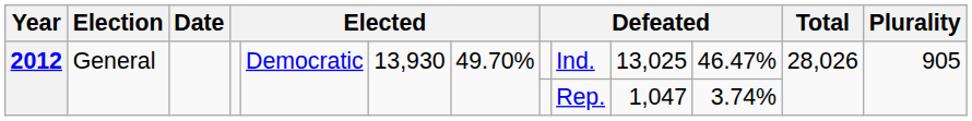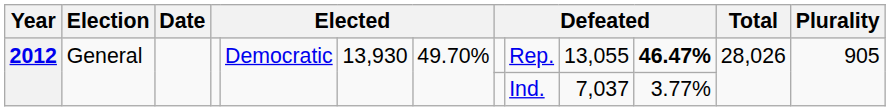 <table class=wikitable>
 <tr>
 <th>Year</th>
 <th>Election</th>
 <th>Date</th>
 <th ! colspan="4">Elected</th>
 <th ! colspan="4">Defeated</th>
 <th>Total</th>
 <th>Plurality</th>
 </tr>
 <tr>
 <th rowspan="2" valign="top"><a href='#'>2012</a></th>
 <td rowspan="2" valign="top">General</td>
 <td rowspan="2" valign="top"></td>
 <td rowspan="2" valign="top"></td>
 <td rowspan="2" valign="top" ><a href='#'>Democratic</a></td>
 <td rowspan="2" valign="top" align="right">13,930</td>
 <td rowspan="2" valign="top" align="right">49.70%</td>
 <td valign="top"></td>
-<td valign="top" ><a href='#'>Ind.</a></td>
-<td valign="top" align="right">13,025</td>
-<td valign="top" align="right">46.47%</td>
+<td valign="top" ><a href='#'>Rep.</a></td>
+<td valign="top" align="right">13,055</td>
+<td valign="top" align="right"><strong>46.47%</strong></td>
 <td rowspan="2" valign="top" align="right">28,026</td>
 <td rowspan="2" valign="top" align="right">905</td>
 </tr>
 <tr>
 <td valign="top"></td>
-<td valign="top" ><a href='#'>Rep.</a></td>
-<td valign="top" align="right">1,047</td>
-<td valign="top" align="right">3.74%</td>
+<td valign="top" ><a href='#'>Ind.</a></td>
+<td valign="top" align="right">7,037</td>
+<td valign="top" align="right">3.77%</td>
 </tr>
 </table>
